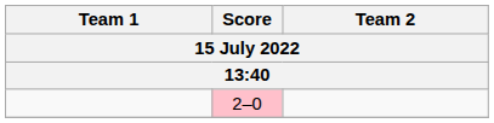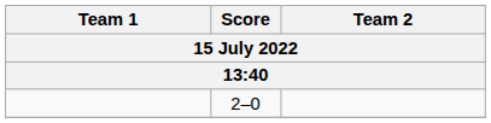 <table class="wikitable" style="text-align: center; font-size:90% ">
 <tr>
 <th align="right" width="160">Team 1</th>
 <th width="50">Score</th>
 <th align="left" width="160">Team 2</th>
 </tr>
 <tr>
 <th colspan=3>15 July 2022</th>
 </tr>
 <tr>
 <th colspan=3>13:40</th>
 </tr>
 <tr>
 <td align=right></td>
-<td align=center style="background: pink;">2–0</td>
+<td align=center>2–0</td>
 <td align=left></td>
 </tr>
 <tr>
 </tr>
 </table>
